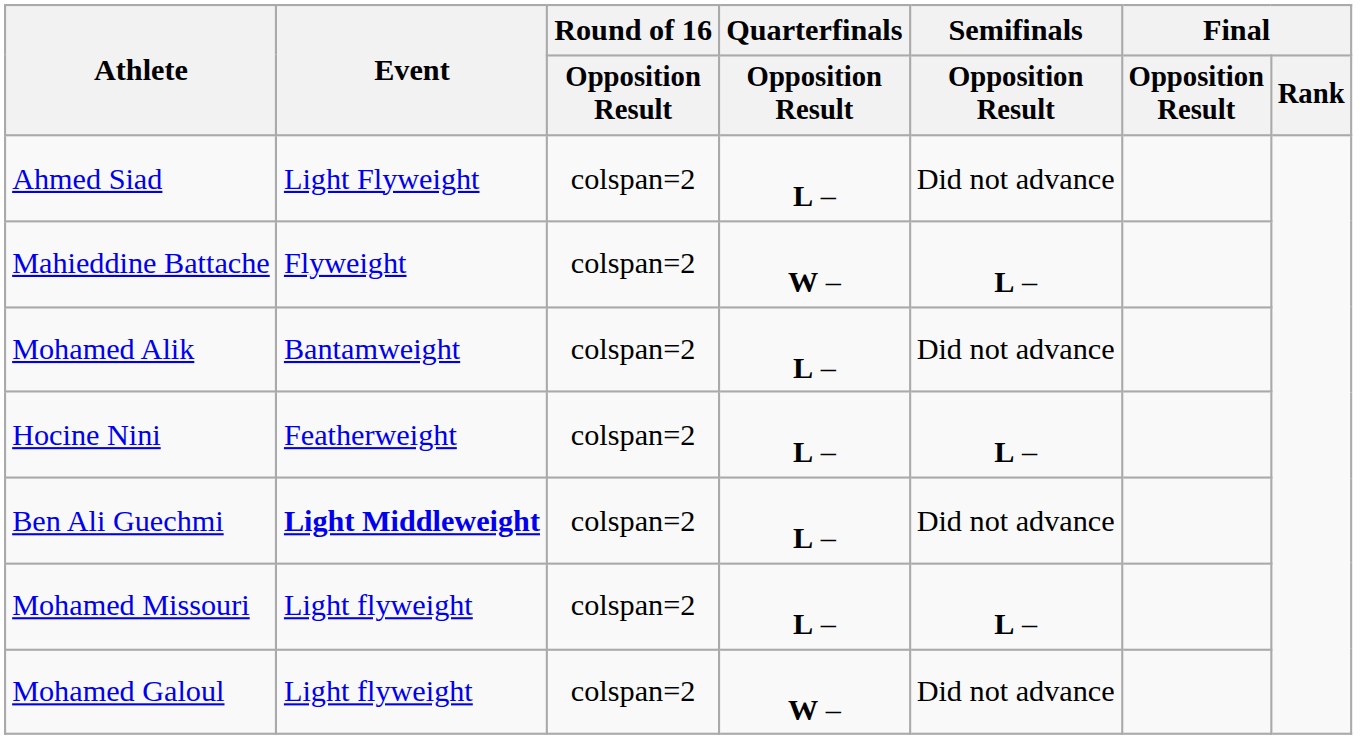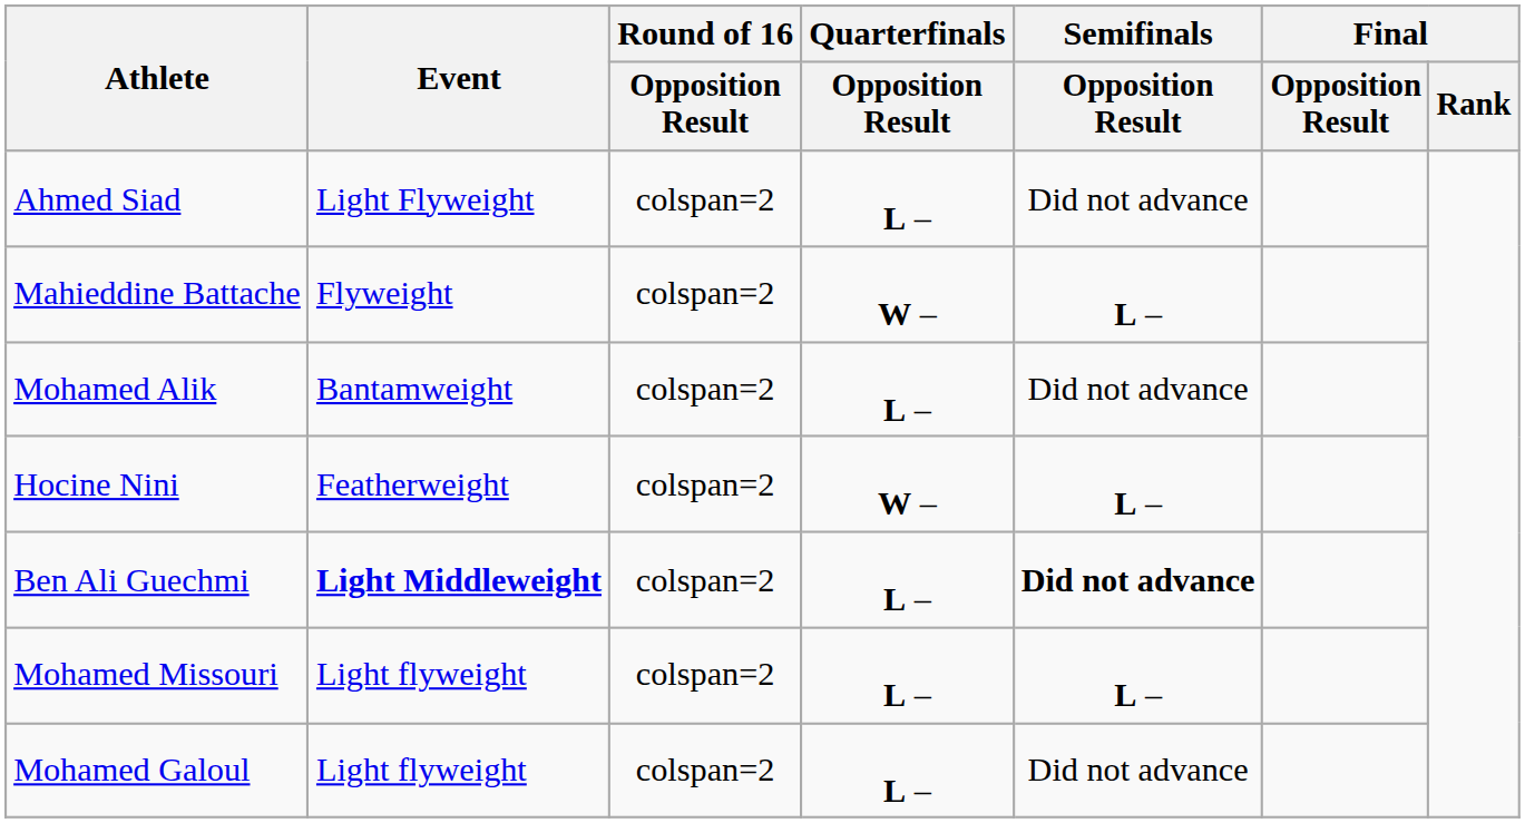 <table class="wikitable" style="font-size:90%">
 <tr>
 <th rowspan=2>Athlete</th>
 <th rowspan=2>Event</th>
 <th>Round of 16</th>
 <th>Quarterfinals</th>
 <th>Semifinals</th>
 <th colspan=2>Final</th>
 </tr>
 <tr style="font-size:95%">
 <th>Opposition<br>Result</th>
 <th>Opposition<br>Result</th>
 <th>Opposition<br>Result</th>
 <th>Opposition<br>Result</th>
 <th>Rank</th>
 </tr>
 <tr align=center>
 <td align=left><a href='#'>Ahmed Siad</a></td>
 <td align=left><a href='#'>Light Flyweight</a></td>
 <td>colspan=2 </td>
 <td><br><strong>L</strong> –</td>
 <td>Did not advance</td>
 <td></td>
 </tr>
 <tr align=center>
 <td align=left><a href='#'>Mahieddine Battache</a></td>
 <td align=left><a href='#'>Flyweight</a></td>
 <td>colspan=2 </td>
 <td><br><strong>W</strong> –</td>
 <td><br><strong>L</strong> –</td>
 <td></td>
 </tr>
 <tr align=center>
 <td align=left><a href='#'>Mohamed Alik</a></td>
 <td align=left><a href='#'>Bantamweight</a></td>
 <td>colspan=2 </td>
 <td><br><strong>L</strong> –</td>
 <td>Did not advance</td>
 <td></td>
 </tr>
 <tr align=center>
 <td align=left><a href='#'>Hocine Nini</a></td>
 <td align=left><a href='#'>Featherweight</a></td>
 <td>colspan=2 </td>
-<td><br><strong>L</strong> –</td>
+<td><br><strong>W</strong> –</td>
 <td><br><strong>L</strong> –</td>
 <td></td>
 </tr>
 <tr align=center>
 <td align=left><a href='#'>Ben Ali Guechmi</a></td>
 <td align=left><strong><a href='#'>Light Middleweight</a></strong></td>
 <td>colspan=2 </td>
 <td><br><strong>L</strong> –</td>
-<td>Did not advance</td>
+<td><strong>Did not advance</strong></td>
 <td></td>
 </tr>
 <tr align=center>
 <td align=left><a href='#'>Mohamed Missouri</a></td>
 <td align=left><a href='#'>Light flyweight</a></td>
 <td>colspan=2 </td>
 <td><br><strong>L</strong> –</td>
 <td><br><strong>L</strong> –</td>
 <td></td>
 </tr>
 <tr align=center>
 <td align=left><a href='#'>Mohamed Galoul</a></td>
 <td align=left><a href='#'>Light flyweight</a></td>
 <td>colspan=2 </td>
-<td><br><strong>W</strong> –</td>
+<td><br><strong>L</strong> –</td>
 <td>Did not advance</td>
 <td></td>
 </tr>
 </table>
